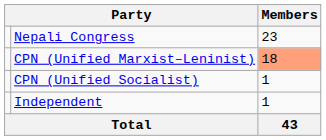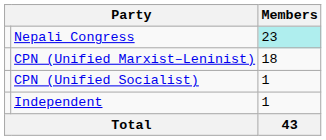 <table class="wikitable">
 <tr>
 <th colspan="2">Party</th>
 <th>Members</th>
 </tr>
 <tr>
 <td style="background-color:"><br></td>
 <td><a href='#'>Nepali Congress</a></td>
-<td>23</td>
+<td style="background: paleturquoise;">23</td>
 </tr>
 <tr>
 <td style="background-color:"><br></td>
 <td><a href='#'>CPN (Unified Marxist–Leninist)</a></td>
-<td style="background: lightsalmon;">18</td>
+<td>18</td>
 </tr>
 <tr>
 <td style="background-color:"><br></td>
 <td><a href='#'>CPN (Unified Socialist)</a></td>
 <td>1</td>
 </tr>
 <tr>
 <td style="background-color:"><br></td>
 <td><a href='#'>Independent</a></td>
 <td>1</td>
 </tr>
 <tr>
 <th colspan="2">Total</th>
 <th>43</th>
 </tr>
 </table>
